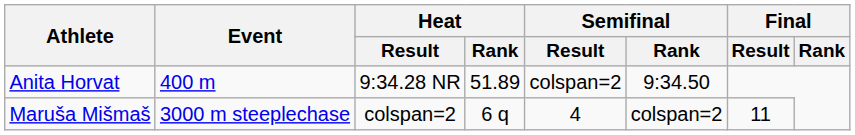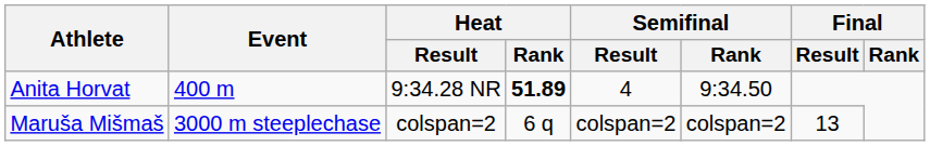 <table class="wikitable" style="font-size:90%">
 <tr>
 <th rowspan=2>Athlete</th>
 <th rowspan=2>Event</th>
 <th colspan=2>Heat</th>
 <th colspan=2>Semifinal</th>
 <th colspan=2>Final</th>
 </tr>
 <tr style="font-size:95%">
 <th>Result</th>
 <th>Rank</th>
 <th>Result</th>
 <th>Rank</th>
 <th>Result</th>
 <th>Rank</th>
 </tr>
 <tr align=center>
 <td align=left><a href='#'>Anita Horvat</a></td>
 <td style="text-align:left;" rowspan="1"><a href='#'>400 m</a></td>
 <td>9:34.28 NR</td>
-<td>51.89</td>
-<td>colspan=2 </td>
+<td><strong>51.89</strong></td>
+<td>4</td>
 <td>9:34.50</td>
 </tr>
 <tr align=center>
 <td align=left><a href='#'>Maruša Mišmaš</a></td>
 <td style="text-align:left;" rowspan="1"><a href='#'>3000 m steeplechase</a></td>
 <td>colspan=2 </td>
 <td>6 q</td>
-<td>4</td>
 <td>colspan=2 </td>
-<td>11</td>
+<td>colspan=2 </td>
+<td>13</td>
 </tr>
 </table>
